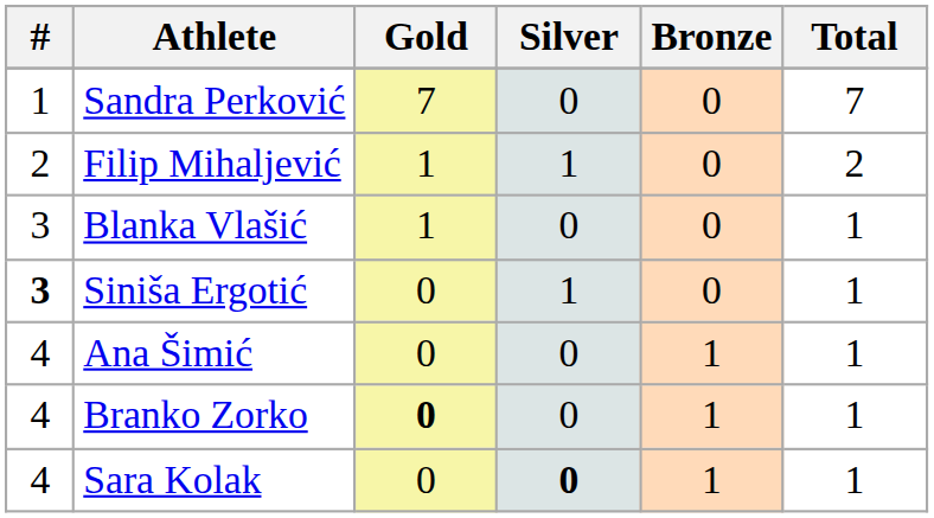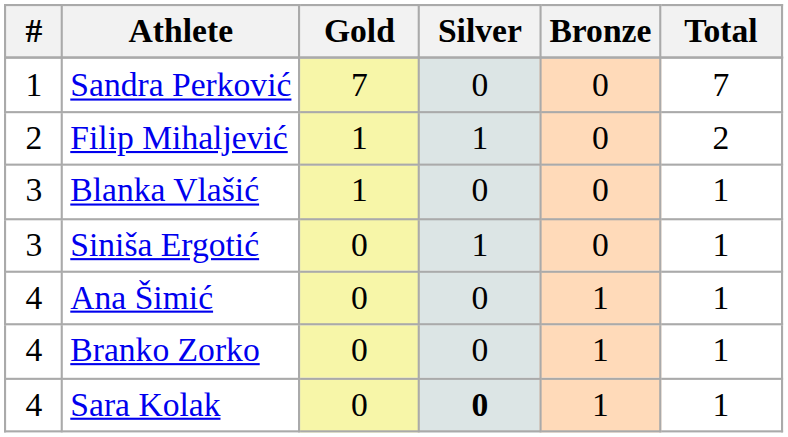 <table class=wikitable style="border:1px solid #AAAAAA">
 <tr bgcolor="#EFEFEF">
 <th width=20>#</th>
 <th>Athlete</th>
 <th width=50>Gold</th>
 <th width=50>Silver</th>
 <th width=50>Bronze</th>
 <th width=50>Total</th>
 </tr>
 <tr>
 </tr>
 <tr align="center" bgcolor="#FFFFFF">
 <td>1</td>
 <td align="left"><a href='#'>Sandra Perković</a></td>
 <td style="background:#F7F6A8;">7</td>
 <td style="background:#DCE5E5;">0</td>
 <td style="background:#FFDAB9;">0</td>
 <td>7</td>
 </tr>
 <tr align="center" bgcolor="#FFFFFF">
 <td>2</td>
 <td align="left"><a href='#'>Filip Mihaljević</a></td>
 <td style="background:#F7F6A8;">1</td>
 <td style="background:#DCE5E5;">1</td>
 <td style="background:#FFDAB9;">0</td>
 <td>2</td>
 </tr>
 <tr align="center" bgcolor="#FFFFFF">
 <td>3</td>
 <td align="left"><a href='#'>Blanka Vlašić</a></td>
 <td style="background:#F7F6A8;">1</td>
 <td style="background:#DCE5E5;">0</td>
 <td style="background:#FFDAB9;">0</td>
 <td>1</td>
 </tr>
 <tr align="center" bgcolor="#FFFFFF">
-<td><strong>3</strong></td>
+<td>3</td>
 <td align="left"><a href='#'>Siniša Ergotić</a></td>
 <td style="background:#F7F6A8;">0</td>
 <td style="background:#DCE5E5;">1</td>
 <td style="background:#FFDAB9;">0</td>
 <td>1</td>
 </tr>
 <tr align="center" bgcolor="#FFFFFF">
 <td>4</td>
 <td align="left"><a href='#'>Ana Šimić</a></td>
 <td style="background:#F7F6A8;">0</td>
 <td style="background:#DCE5E5;">0</td>
 <td style="background:#FFDAB9;">1</td>
 <td>1</td>
 </tr>
 <tr align="center" bgcolor="#FFFFFF">
 <td>4</td>
 <td align="left"><a href='#'>Branko Zorko</a></td>
-<td style="background:#F7F6A8;"><strong>0</strong></td>
+<td style="background:#F7F6A8;">0</td>
 <td style="background:#DCE5E5;">0</td>
 <td style="background:#FFDAB9;">1</td>
 <td>1</td>
 </tr>
 <tr align="center" bgcolor="#FFFFFF">
 <td>4</td>
 <td align="left"><a href='#'>Sara Kolak</a></td>
 <td style="background:#F7F6A8;">0</td>
 <td style="background:#DCE5E5;"><strong>0</strong></td>
 <td style="background:#FFDAB9;">1</td>
 <td>1</td>
 </tr>
 </table>
